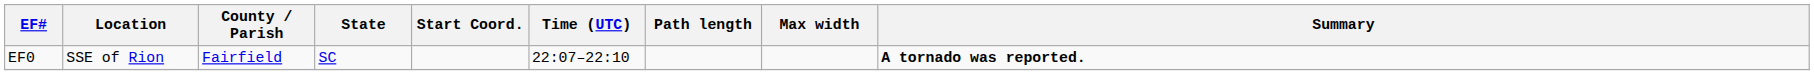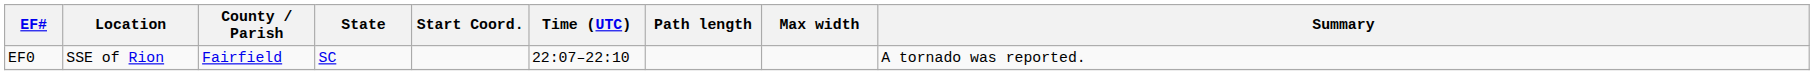 <table class="wikitable sortable" style="width:100%;">
 <tr>
 <th scope="col"  style="width:3%; text-align:center;"><a href='#'>EF#</a></th>
 <th scope="col"  style="width:7%; text-align:center;" class="unsortable">Location</th>
 <th scope="col"  style="width:6%; text-align:center;" class="unsortable">County / Parish</th>
 <th scope="col"  style="width:5%; text-align:center;">State</th>
 <th scope="col"  style="width:6%; text-align:center;">Start Coord.</th>
 <th scope="col"  style="width:6%; text-align:center;">Time (<a href='#'>UTC</a>)</th>
 <th scope="col"  style="width:6%; text-align:center;">Path length</th>
 <th scope="col"  style="width:6%; text-align:center;">Max width</th>
 <th scope="col" class="unsortable" style="width:48%; text-align:center;">Summary</th>
 </tr>
 <tr>
 <td>EF0</td>
 <td>SSE of <a href='#'>Rion</a></td>
 <td><a href='#'>Fairfield</a></td>
 <td><a href='#'>SC</a></td>
 <td></td>
 <td>22:07–22:10</td>
 <td></td>
 <td></td>
-<td><strong>A tornado was reported.</strong></td>
+<td>A tornado was reported.</td>
 </tr>
 <tr>
 </tr>
 </table>
